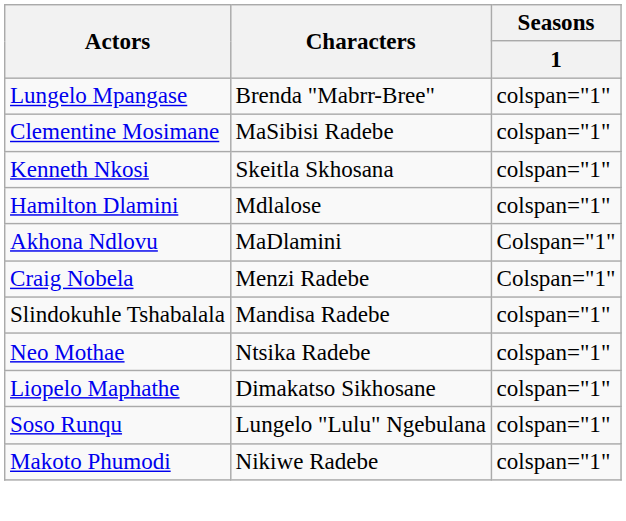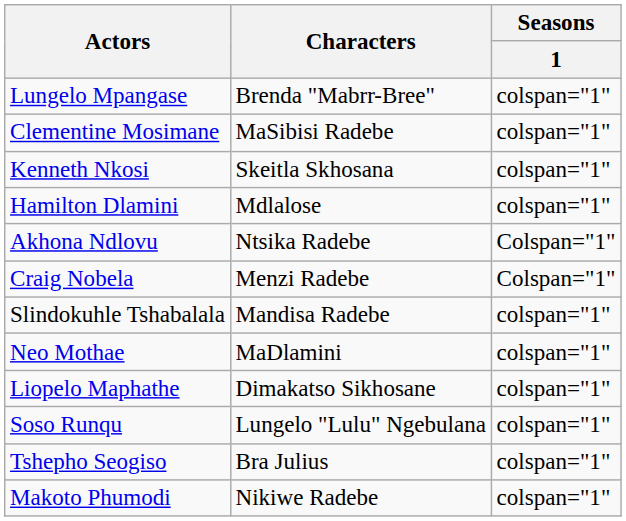 <table class="wikitable">
 <tr>
 <th rowspan="2">Actors</th>
 <th rowspan="2">Characters</th>
 <th colspan="1">Seasons</th>
 </tr>
 <tr>
 <th>1</th>
 </tr>
 <tr>
 <td><a href='#'>Lungelo Mpangase</a></td>
 <td>Brenda "Mabrr-Bree"</td>
 <td>colspan="1" </td>
 </tr>
 <tr>
 <td><a href='#'>Clementine Mosimane</a></td>
 <td>MaSibisi Radebe</td>
 <td>colspan="1" </td>
 </tr>
 <tr>
 <td><a href='#'>Kenneth Nkosi</a></td>
 <td>Skeitla Skhosana</td>
 <td>colspan="1" </td>
 </tr>
 <tr>
 <td><a href='#'>Hamilton Dlamini</a></td>
 <td>Mdlalose</td>
 <td>colspan="1" </td>
 </tr>
 <tr>
 <td><a href='#'>Akhona Ndlovu</a></td>
-<td>MaDlamini</td>
+<td>Ntsika Radebe</td>
 <td>Colspan="1"</td>
 </tr>
 <tr>
 <td><a href='#'>Craig Nobela</a></td>
 <td>Menzi Radebe</td>
 <td>Colspan="1"</td>
 </tr>
 <tr>
 <td>Slindokuhle Tshabalala</td>
 <td>Mandisa Radebe</td>
 <td>colspan="1" </td>
 </tr>
 <tr>
 <td><a href='#'>Neo Mothae</a></td>
-<td>Ntsika Radebe</td>
+<td>MaDlamini</td>
 <td>colspan="1" </td>
 </tr>
 <tr>
 <td><a href='#'>Liopelo Maphathe</a></td>
 <td>Dimakatso Sikhosane</td>
 <td>colspan="1" </td>
 </tr>
 <tr>
 <td><a href='#'>Soso Runqu</a></td>
 <td>Lungelo "Lulu" Ngebulana</td>
 <td>colspan="1"</td>
 </tr>
 <tr>
+<td><a href='#'>Tshepho Seogiso</a></td>
+<td>Bra Julius</td>
+<td>colspan="1" </td>
+</tr>
+<tr>
 <td><a href='#'>Makoto Phumodi</a></td>
 <td>Nikiwe Radebe</td>
 <td>colspan="1" </td>
 </tr>
 </table>
